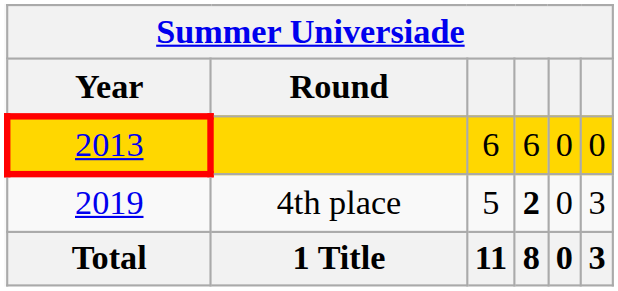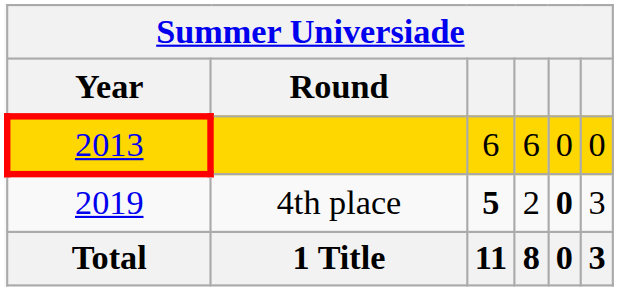 <table class="wikitable" style="text-align: center;">
 <tr>
 <th colspan=10><a href='#'>Summer Universiade</a></th>
 </tr>
 <tr>
 <th style="width:5.5em;">Year</th>
 <th style="width:7em;">Round</th>
 <th></th>
 <th></th>
 <th></th>
 <th></th>
 </tr>
 <tr bgcolor=gold>
 <td style="border: 3px solid red"> <a href='#'>2013</a></td>
 <td></td>
 <td>6</td>
 <td>6</td>
 <td>0</td>
 <td>0</td>
 </tr>
 <tr>
 <td> <a href='#'>2019</a></td>
 <td>4th place</td>
-<td>5</td>
-<td><strong>2</strong></td>
-<td>0</td>
+<td><strong>5</strong></td>
+<td>2</td>
+<td><strong>0</strong></td>
 <td>3</td>
 </tr>
 <tr>
 <th>Total</th>
 <th>1 Title</th>
 <th>11</th>
 <th>8</th>
 <th>0</th>
 <th>3</th>
 </tr>
 </table>
